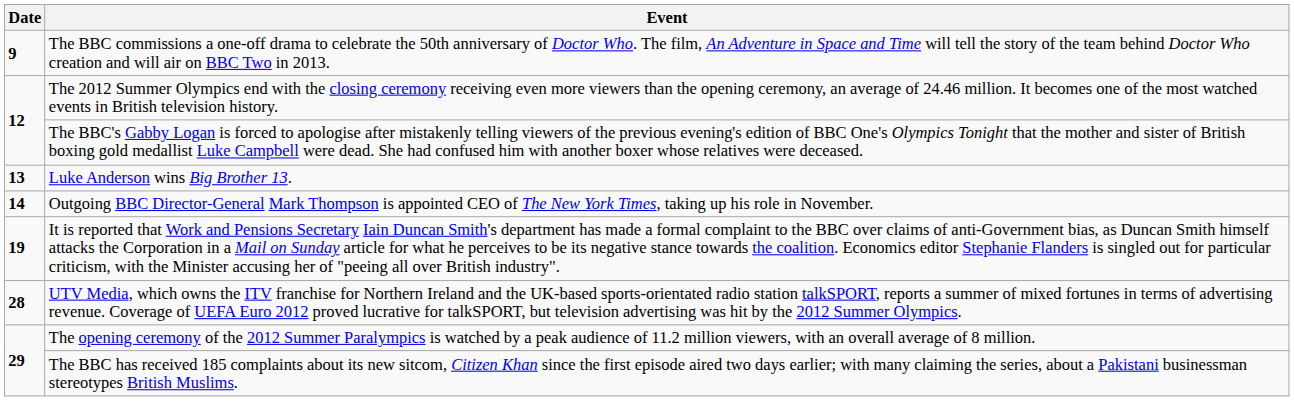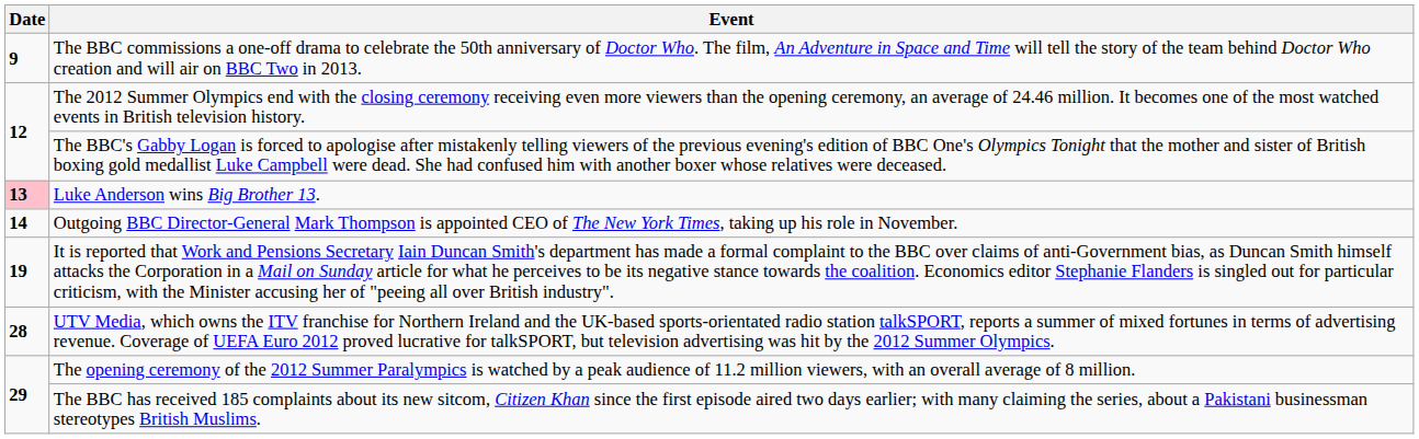 <table class="wikitable">
 <tr>
 <th>Date</th>
 <th>Event</th>
 </tr>
 <tr>
 <td><strong>9</strong></td>
 <td>The BBC commissions a one-off drama to celebrate the 50th anniversary of <em><a href='#'>Doctor Who</a></em>. The film, <em><a href='#'>An Adventure in Space and Time</a></em> will tell the story of the team behind <em>Doctor Who</em> creation and will air on <a href='#'>BBC Two</a> in 2013.</td>
 </tr>
 <tr>
 <td rowspan=2><strong>12</strong></td>
 <td>The 2012 Summer Olympics end with the <a href='#'>closing ceremony</a> receiving even more viewers than the opening ceremony, an average of 24.46 million. It becomes one of the most watched events in British television history.</td>
 </tr>
 <tr>
 <td>The BBC's <a href='#'>Gabby Logan</a> is forced to apologise after mistakenly telling viewers of the previous evening's edition of BBC One's <em>Olympics Tonight</em> that the mother and sister of British boxing gold medallist <a href='#'>Luke Campbell</a> were dead. She had confused him with another boxer whose relatives were deceased.</td>
 </tr>
 <tr>
-<td><strong>13</strong></td>
+<td style="background: pink;"><strong>13</strong></td>
 <td><a href='#'>Luke Anderson</a> wins <em><a href='#'>Big Brother 13</a></em>.</td>
 </tr>
 <tr>
 <td><strong>14</strong></td>
 <td>Outgoing <a href='#'>BBC Director-General</a> <a href='#'>Mark Thompson</a> is appointed CEO of <em><a href='#'>The New York Times</a></em>, taking up his role in November.</td>
 </tr>
 <tr>
 <td><strong>19</strong></td>
 <td>It is reported that <a href='#'>Work and Pensions Secretary</a> <a href='#'>Iain Duncan Smith</a>'s department has made a formal complaint to the BBC over claims of anti-Government bias, as Duncan Smith himself attacks the Corporation in a <em><a href='#'>Mail on Sunday</a></em> article for what he perceives to be its negative stance towards <a href='#'>the coalition</a>. Economics editor <a href='#'>Stephanie Flanders</a> is singled out for particular criticism, with the Minister accusing her of "peeing all over British industry".</td>
 </tr>
 <tr>
 <td><strong>28</strong></td>
 <td><a href='#'>UTV Media</a>, which owns the <a href='#'>ITV</a> franchise for Northern Ireland and the UK-based sports-orientated radio station <a href='#'>talkSPORT</a>, reports a summer of mixed fortunes in terms of advertising revenue. Coverage of <a href='#'>UEFA Euro 2012</a> proved lucrative for talkSPORT, but television advertising was hit by the <a href='#'>2012 Summer Olympics</a>.</td>
 </tr>
 <tr>
 <td rowspan=2><strong>29</strong></td>
 <td>The <a href='#'>opening ceremony</a> of the <a href='#'>2012 Summer Paralympics</a> is watched by a peak audience of 11.2 million viewers, with an overall average of 8 million.</td>
 </tr>
 <tr>
 <td>The BBC has received 185 complaints about its new sitcom, <em><a href='#'>Citizen Khan</a></em> since the first episode aired two days earlier; with many claiming the series, about a <a href='#'>Pakistani</a> businessman stereotypes <a href='#'>British Muslims</a>.</td>
 </tr>
 </table>
